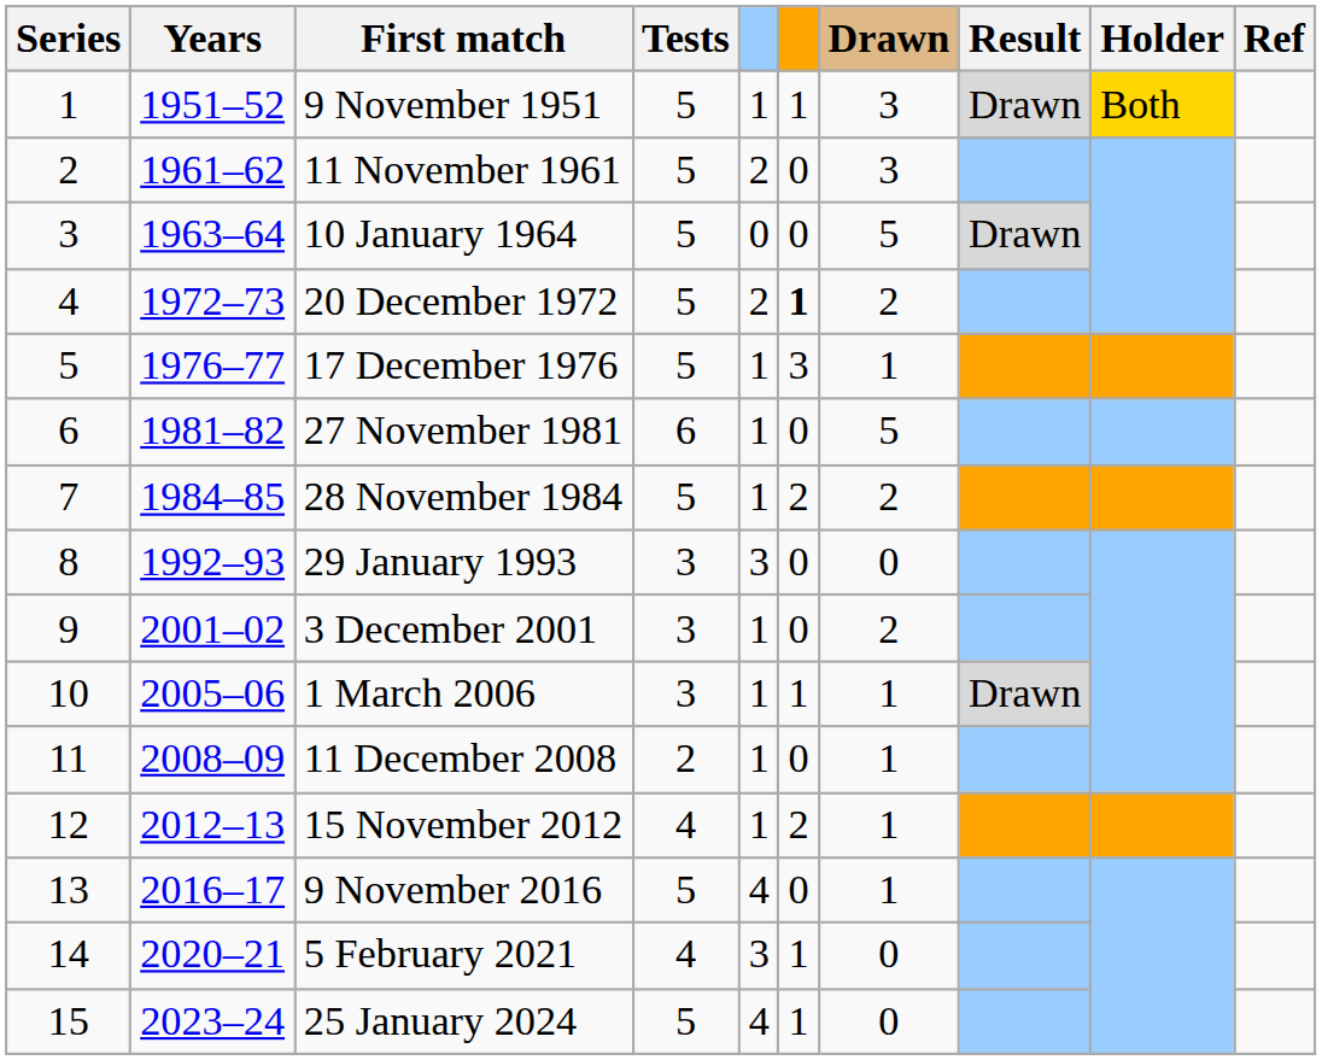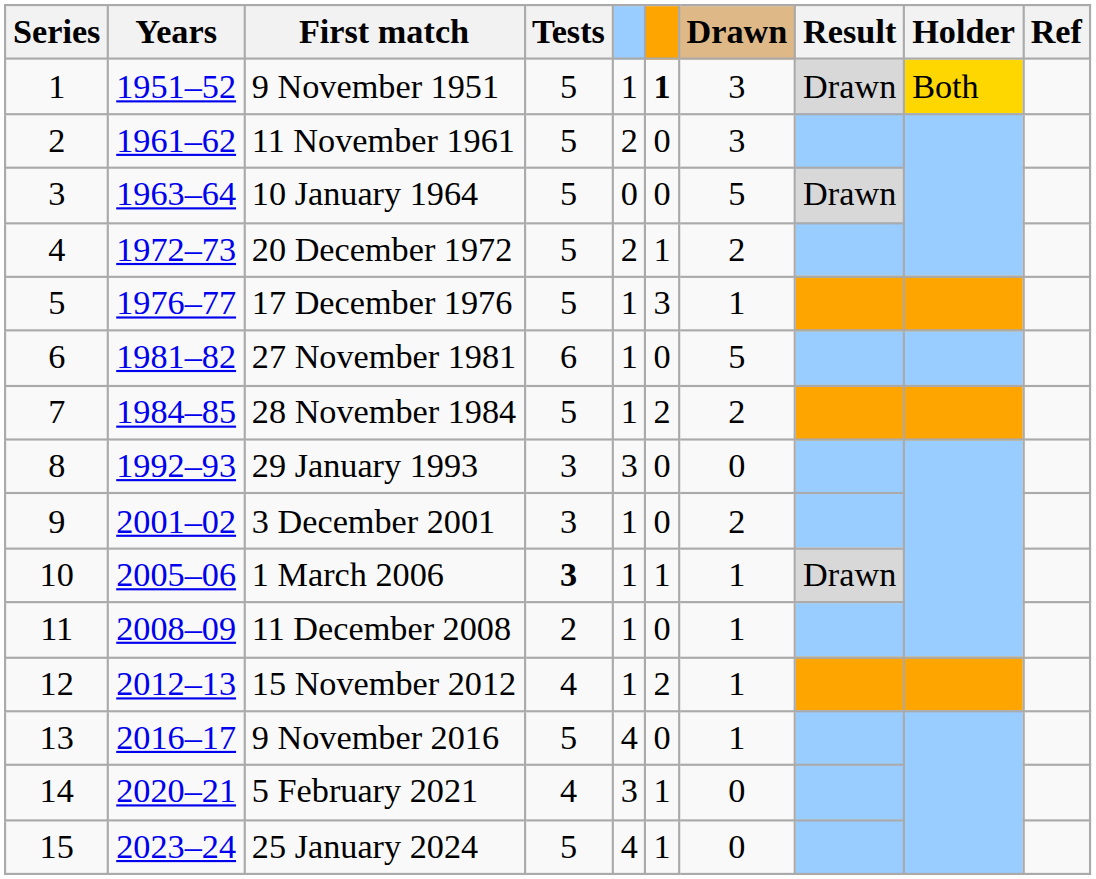 <table class="wikitable sortable">
 <tr>
 <th scope="col">Series</th>
 <th scope="col">Years</th>
 <th scope="col">First match</th>
 <th scope="col">Tests</th>
 <th style="background:#99ccff"></th>
 <th style="background-color: Orange;"></th>
 <th style="background:#deb887">Drawn</th>
 <th scope="col" class="unsortable">Result</th>
 <th scope="col" class="unsortable">Holder</th>
 <th scope="col" class="unsortable">Ref</th>
 </tr>
 <tr>
 <td style="text-align: center;">1</td>
 <td><a href='#'>1951–52</a></td>
 <td>9 November 1951</td>
 <td style="text-align: center;">5</td>
 <td style="text-align: center;">1</td>
-<td style="text-align: center;">1</td>
+<td style="text-align: center;"><strong>1</strong></td>
 <td style="text-align: center;">3</td>
 <td style="background-color:#d8d8d8;">Drawn</td>
 <td style="background-color:gold;">Both</td>
 <td></td>
 </tr>
 <tr>
 <td style="text-align: center;">2</td>
 <td><a href='#'>1961–62</a></td>
 <td>11 November 1961</td>
 <td style="text-align: center;">5</td>
 <td style="text-align: center;">2</td>
 <td style="text-align: center;">0</td>
 <td style="text-align: center;">3</td>
 <td style="background-color: #99ccff;"></td>
 <td rowspan=3 style="background-color: #99ccff;"></td>
 <td></td>
 </tr>
 <tr>
 <td style="text-align: center;">3</td>
 <td><a href='#'>1963–64</a></td>
 <td>10 January 1964</td>
 <td style="text-align: center;">5</td>
 <td style="text-align: center;">0</td>
 <td style="text-align: center;">0</td>
 <td style="text-align: center;">5</td>
 <td style="background-color:#d8d8d8;">Drawn</td>
 <td></td>
 </tr>
 <tr>
 <td style="text-align: center;">4</td>
 <td><a href='#'>1972–73</a></td>
 <td>20 December 1972</td>
 <td style="text-align: center;">5</td>
 <td style="text-align: center;">2</td>
-<td style="text-align: center;"><strong>1</strong></td>
+<td style="text-align: center;">1</td>
 <td style="text-align: center;">2</td>
 <td style="background-color: #99ccff;"></td>
 <td></td>
 </tr>
 <tr>
 <td style="text-align: center;">5</td>
 <td><a href='#'>1976–77</a></td>
 <td>17 December 1976</td>
 <td style="text-align: center;">5</td>
 <td style="text-align: center;">1</td>
 <td style="text-align: center;">3</td>
 <td style="text-align: center;">1</td>
 <td style="background-color: Orange;"></td>
 <td style="background-color: Orange;"></td>
 <td></td>
 </tr>
 <tr>
 <td style="text-align: center;">6</td>
 <td><a href='#'>1981–82</a></td>
 <td>27 November 1981</td>
 <td style="text-align: center;">6</td>
 <td style="text-align: center;">1</td>
 <td style="text-align: center;">0</td>
 <td style="text-align: center;">5</td>
 <td style="background-color: #99ccff;"></td>
 <td style="background-color: #99ccff;"></td>
 <td></td>
 </tr>
 <tr>
 <td style="text-align: center;">7</td>
 <td><a href='#'>1984–85</a></td>
 <td>28 November 1984</td>
 <td style="text-align: center;">5</td>
 <td style="text-align: center;">1</td>
 <td style="text-align: center;">2</td>
 <td style="text-align: center;">2</td>
 <td style="background-color: Orange;"></td>
 <td style="background-color: Orange;"></td>
 <td></td>
 </tr>
 <tr>
 <td style="text-align: center;">8</td>
 <td><a href='#'>1992–93</a></td>
 <td>29 January 1993</td>
 <td style="text-align: center;">3</td>
 <td style="text-align: center;">3</td>
 <td style="text-align: center;">0</td>
 <td style="text-align: center;">0</td>
 <td style="background-color: #99ccff;"></td>
 <td rowspan=4 style="background-color: #99ccff;"></td>
 <td></td>
 </tr>
 <tr>
 <td style="text-align: center;">9</td>
 <td><a href='#'>2001–02</a></td>
 <td>3 December 2001</td>
 <td style="text-align: center;">3</td>
 <td style="text-align: center;">1</td>
 <td style="text-align: center;">0</td>
 <td style="text-align: center;">2</td>
 <td style="background-color: #99ccff;"></td>
 <td></td>
 </tr>
 <tr>
 <td style="text-align: center;">10</td>
 <td><a href='#'>2005–06</a></td>
 <td>1 March 2006</td>
-<td style="text-align: center;">3</td>
+<td style="text-align: center;"><strong>3</strong></td>
 <td style="text-align: center;">1</td>
 <td style="text-align: center;">1</td>
 <td style="text-align: center;">1</td>
 <td style="background-color:#d8d8d8;">Drawn</td>
 <td></td>
 </tr>
 <tr>
 <td style="text-align: center;">11</td>
 <td><a href='#'>2008–09</a></td>
 <td>11 December 2008</td>
 <td style="text-align: center;">2</td>
 <td style="text-align: center;">1</td>
 <td style="text-align: center;">0</td>
 <td style="text-align: center;">1</td>
 <td style="background-color: #99ccff;"></td>
 <td></td>
 </tr>
 <tr>
 <td style="text-align: center;">12</td>
 <td><a href='#'>2012–13</a></td>
 <td>15 November 2012</td>
 <td style="text-align: center;">4</td>
 <td style="text-align: center;">1</td>
 <td style="text-align: center;">2</td>
 <td style="text-align: center;">1</td>
 <td style="background-color: Orange;"></td>
 <td style="background-color: Orange;"></td>
 <td></td>
 </tr>
 <tr>
 <td style="text-align: center;">13</td>
 <td><a href='#'>2016–17</a></td>
 <td>9 November 2016</td>
 <td style="text-align: center;">5</td>
 <td style="text-align: center;">4</td>
 <td style="text-align: center;">0</td>
 <td style="text-align: center;">1</td>
 <td style="background-color: #99ccff;"></td>
 <td rowspan=3 style="background-color: #99ccff;"></td>
 <td></td>
 </tr>
 <tr>
 <td style="text-align: center;">14</td>
 <td><a href='#'>2020–21</a></td>
 <td>5 February 2021</td>
 <td style="text-align: center;">4</td>
 <td style="text-align: center;">3</td>
 <td style="text-align: center;">1</td>
 <td style="text-align: center;">0</td>
 <td style="background-color: #99ccff;"></td>
 <td></td>
 </tr>
 <tr>
 <td style="text-align: center;">15</td>
 <td><a href='#'>2023–24</a></td>
 <td>25 January 2024</td>
 <td style="text-align: center;">5</td>
 <td style="text-align: center;">4</td>
 <td style="text-align: center;">1</td>
 <td style="text-align: center;">0</td>
 <td style="background-color: #99ccff;"></td>
 <td></td>
 </tr>
 </table>
